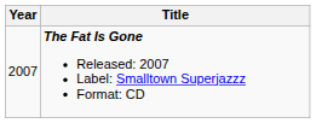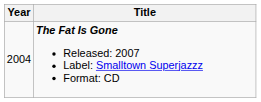 <table class="wikitable">
 <tr>
 <th>Year</th>
 <th style="width:225px;">Title</th>
 </tr>
 <tr>
-<td>2007</td>
+<td>2004</td>
 <td style="width:20em"><strong><em>The Fat Is Gone</em></strong><br><ul><li>Released: 2007</li><li>Label: <a href='#'>Smalltown Superjazzz</a> </li><li>Format: CD</li></ul></td>
 </tr>
 </table>
